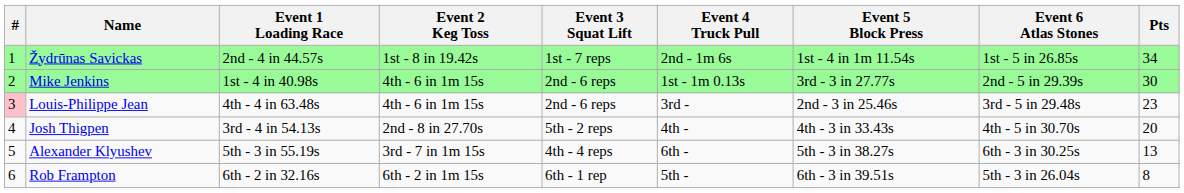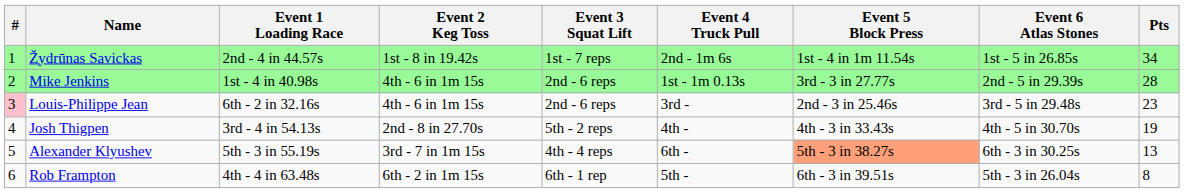 <table class="wikitable sortable" style="display: inline-table; width: 100%;">
 <tr>
 <th>#</th>
 <th>Name</th>
 <th>Event 1<br>Loading Race</th>
 <th>Event 2<br>Keg Toss</th>
 <th>Event 3<br>Squat Lift</th>
 <th>Event 4<br>Truck Pull</th>
 <th>Event 5<br>Block Press</th>
 <th>Event 6<br>Atlas Stones</th>
 <th>Pts</th>
 </tr>
 <tr style="background:palegreen">
 <td>1</td>
 <td> <a href='#'>Žydrūnas Savickas</a></td>
 <td>2nd - 4 in 44.57s</td>
 <td>1st - 8 in 19.42s</td>
 <td>1st - 7 reps</td>
 <td>2nd - 1m 6s</td>
 <td>1st - 4 in 1m 11.54s</td>
 <td>1st - 5 in 26.85s</td>
 <td>34</td>
 </tr>
 <tr style="background:palegreen">
 <td>2</td>
 <td> <a href='#'>Mike Jenkins</a></td>
 <td>1st - 4 in 40.98s</td>
 <td>4th - 6 in 1m 15s</td>
 <td>2nd - 6 reps</td>
 <td>1st - 1m 0.13s</td>
 <td>3rd - 3 in 27.77s</td>
 <td>2nd - 5 in 29.39s</td>
-<td>30</td>
+<td>28</td>
 </tr>
 <tr>
 <td style="background: pink;">3</td>
 <td> <a href='#'>Louis-Philippe Jean</a></td>
-<td>4th - 4 in 63.48s</td>
+<td>6th - 2 in 32.16s</td>
 <td>4th - 6 in 1m 15s</td>
 <td>2nd - 6 reps</td>
 <td>3rd - </td>
 <td>2nd - 3 in 25.46s</td>
 <td>3rd - 5 in 29.48s</td>
 <td>23</td>
 </tr>
 <tr>
 <td>4</td>
 <td> <a href='#'>Josh Thigpen</a></td>
 <td>3rd - 4 in 54.13s</td>
 <td>2nd - 8 in 27.70s</td>
 <td>5th - 2 reps</td>
 <td>4th - </td>
 <td>4th - 3 in 33.43s</td>
 <td>4th - 5 in 30.70s</td>
-<td>20</td>
+<td>19</td>
 </tr>
 <tr>
 <td>5</td>
 <td> <a href='#'>Alexander Klyushev</a></td>
 <td>5th - 3 in 55.19s</td>
 <td>3rd - 7 in 1m 15s</td>
 <td>4th - 4 reps</td>
 <td>6th - </td>
-<td>5th - 3 in 38.27s</td>
+<td style="background: lightsalmon;">5th - 3 in 38.27s</td>
 <td>6th - 3 in 30.25s</td>
 <td>13</td>
 </tr>
 <tr>
 <td>6</td>
 <td> <a href='#'>Rob Frampton</a></td>
-<td>6th - 2 in 32.16s</td>
+<td>4th - 4 in 63.48s</td>
 <td>6th - 2 in 1m 15s</td>
 <td>6th - 1 rep</td>
 <td>5th - </td>
 <td>6th - 3 in 39.51s</td>
 <td>5th - 3 in 26.04s</td>
 <td>8</td>
 </tr>
 </table>
